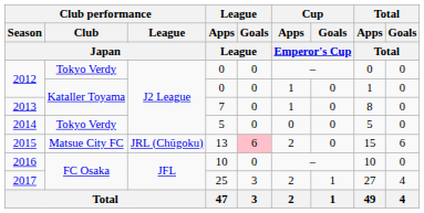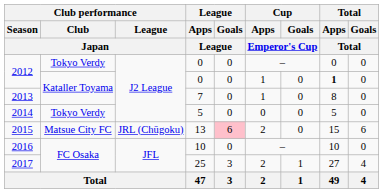 <table class="wikitable" style="text-align:center;">
 <tr>
 <th colspan=3>Club performance</th>
 <th colspan=2>League</th>
 <th colspan=2>Cup</th>
 <th colspan=2>Total</th>
 </tr>
 <tr>
 <th>Season</th>
 <th>Club</th>
 <th>League</th>
 <th>Apps</th>
 <th>Goals</th>
 <th>Apps</th>
 <th>Goals</th>
 <th>Apps</th>
 <th>Goals</th>
 </tr>
 <tr>
 <th colspan=3>Japan</th>
 <th colspan=2>League</th>
 <th colspan=2><a href='#'>Emperor's Cup</a></th>
 <th colspan=6>Total</th>
 </tr>
 <tr>
 <td rowspan="2"><a href='#'>2012</a></td>
 <td><a href='#'>Tokyo Verdy</a></td>
 <td rowspan="4"><a href='#'>J2 League</a></td>
 <td>0</td>
 <td>0</td>
 <td colspan="2">–</td>
 <td>0</td>
 <td>0</td>
 </tr>
 <tr>
 <td rowspan="2"><a href='#'>Kataller Toyama</a></td>
 <td>0</td>
 <td>0</td>
 <td>1</td>
 <td>0</td>
-<td>1</td>
+<td><strong>1</strong></td>
 <td>0</td>
 </tr>
 <tr>
 <td><a href='#'>2013</a></td>
 <td>7</td>
 <td>0</td>
 <td>1</td>
 <td>0</td>
 <td>8</td>
 <td>0</td>
 </tr>
 <tr>
 <td><a href='#'>2014</a></td>
 <td rowspan="1"><a href='#'>Tokyo Verdy</a></td>
 <td>5</td>
 <td>0</td>
 <td>0</td>
 <td>0</td>
 <td>5</td>
 <td>0</td>
 </tr>
 <tr>
 <td><a href='#'>2015</a></td>
 <td><a href='#'>Matsue City FC</a></td>
 <td><a href='#'>JRL (Chūgoku)</a></td>
 <td>13</td>
 <td style="background: pink;">6</td>
 <td>2</td>
 <td>0</td>
 <td>15</td>
 <td>6</td>
 </tr>
 <tr>
 <td><a href='#'>2016</a></td>
 <td rowspan="2"><a href='#'>FC Osaka</a></td>
 <td rowspan="2"><a href='#'>JFL</a></td>
 <td>10</td>
 <td>0</td>
 <td colspan="2">–</td>
 <td>10</td>
 <td>0</td>
 </tr>
 <tr>
 <td><a href='#'>2017</a></td>
 <td>25</td>
 <td>3</td>
 <td>2</td>
 <td>1</td>
 <td>27</td>
 <td>4</td>
 </tr>
 <tr>
 <th colspan=3>Total</th>
 <th>47</th>
 <th>3</th>
 <th>2</th>
 <th>1</th>
 <th>49</th>
 <th>4</th>
 </tr>
 </table>
